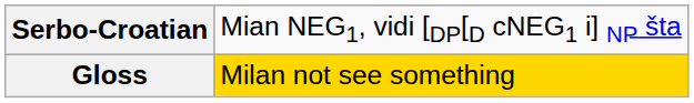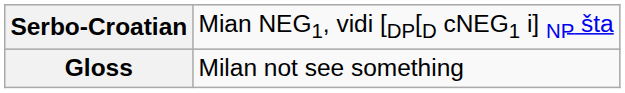 <table class="wikitable">
 <tr>
 <th><strong>Serbo-Croatian</strong></th>
 <td>Mian NEG<sub>1</sub>, vidi [<sub>DP</sub>[<sub>D</sub> cNEG<sub>1</sub> i] <a href='#'><sub>NP</sub> šta</a></td>
 </tr>
 <tr>
 <th><strong>Gloss</strong></th>
-<td style="background: gold;">Milan  not     see                            something</td>
+<td>Milan  not     see                            something</td>
 </tr>
 </table>
